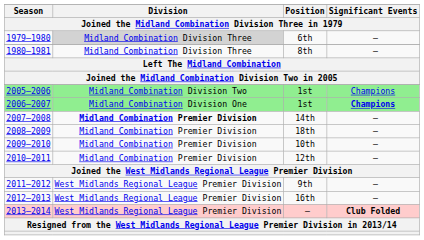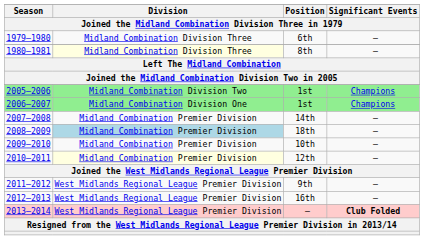 <table class="wikitable" style="text-align: center">
 <tr>
 </tr>
 <tr>
 <th>Season</th>
 <th>Division</th>
 <th>Position</th>
 <th>Significant Events</th>
 </tr>
 <tr>
 <th colspan=4><strong>Joined the <a href='#'>Midland Combination</a> Division Three in 1979</strong></th>
 </tr>
 <tr>
 <td><a href='#'>1979–1980</a></td>
-<td style="background: lightgrey;"><a href='#'>Midland Combination</a> Division Three</td>
+<td><a href='#'>Midland Combination</a> Division Three</td>
 <td>6th</td>
 <td> –</td>
 </tr>
 <tr>
 </tr>
 <tr>
 <td><a href='#'>1980–1981</a></td>
-<td><a href='#'>Midland Combination</a> Division Three</td>
+<td style="background: lightyellow;"><a href='#'>Midland Combination</a> Division Three</td>
 <td>8th</td>
 <td> –</td>
 </tr>
 <tr>
 <th colspan=4><strong>Left The <a href='#'>Midland Combination</a></strong></th>
 </tr>
 <tr>
 <th colspan=4><strong>Joined the <a href='#'>Midland Combination</a> Division Two in 2005</strong></th>
 </tr>
 <tr>
 </tr>
 <tr style="background: #90EE90;">
 <td><a href='#'>2005–2006</a></td>
 <td><a href='#'>Midland Combination</a> Division Two</td>
 <td>1st</td>
 <td><a href='#'>Champions</a></td>
 </tr>
 <tr style="background: #90EE90;">
 <td><a href='#'>2006–2007</a></td>
 <td><a href='#'>Midland Combination</a> Division One</td>
 <td>1st</td>
-<td><strong><a href='#'>Champions</a></strong></td>
+<td><a href='#'>Champions</a></td>
 </tr>
 <tr>
 <td><a href='#'>2007–2008</a></td>
-<td><strong><a href='#'>Midland Combination</a> Premier Division</strong></td>
+<td><a href='#'>Midland Combination</a> Premier Division</td>
 <td>14th</td>
 <td> –</td>
 </tr>
 <tr>
 <td><a href='#'>2008–2009</a></td>
-<td><a href='#'>Midland Combination</a> Premier Division</td>
+<td style="background: lightblue;"><a href='#'>Midland Combination</a> Premier Division</td>
 <td>18th</td>
 <td> –</td>
 </tr>
 <tr>
 <td><a href='#'>2009–2010</a></td>
 <td><a href='#'>Midland Combination</a> Premier Division</td>
 <td>10th</td>
 <td> –</td>
 </tr>
 <tr>
 <td><a href='#'>2010–2011</a></td>
-<td><a href='#'>Midland Combination</a> Premier Division</td>
+<td style="background: lightyellow;"><a href='#'>Midland Combination</a> Premier Division</td>
 <td>12th</td>
 <td> –</td>
 </tr>
 <tr>
 <th colspan=4><strong>Joined the <a href='#'>West Midlands Regional League</a> Premier Division</strong></th>
 </tr>
 <tr>
 <td><a href='#'>2011–2012</a></td>
 <td><a href='#'>West Midlands Regional League</a> Premier Division</td>
 <td>9th</td>
 <td> –</td>
 </tr>
 <tr>
 <td><a href='#'>2012–2013</a></td>
 <td><a href='#'>West Midlands Regional League</a> Premier Division</td>
 <td>16th</td>
 <td> –</td>
 </tr>
 <tr style="background: #ffcccc;">
 <td><a href='#'>2013–2014</a></td>
 <td><a href='#'>West Midlands Regional League</a> Premier Division</td>
 <td> –</td>
 <td><strong>Club Folded</strong></td>
 </tr>
 <tr>
 <th colspan=4><strong>Resigned from the <a href='#'>West Midlands Regional League</a> Premier Division in 2013/14</strong></th>
 </tr>
 <tr>
 <th colspan="4"></th>
 </tr>
 </table>
